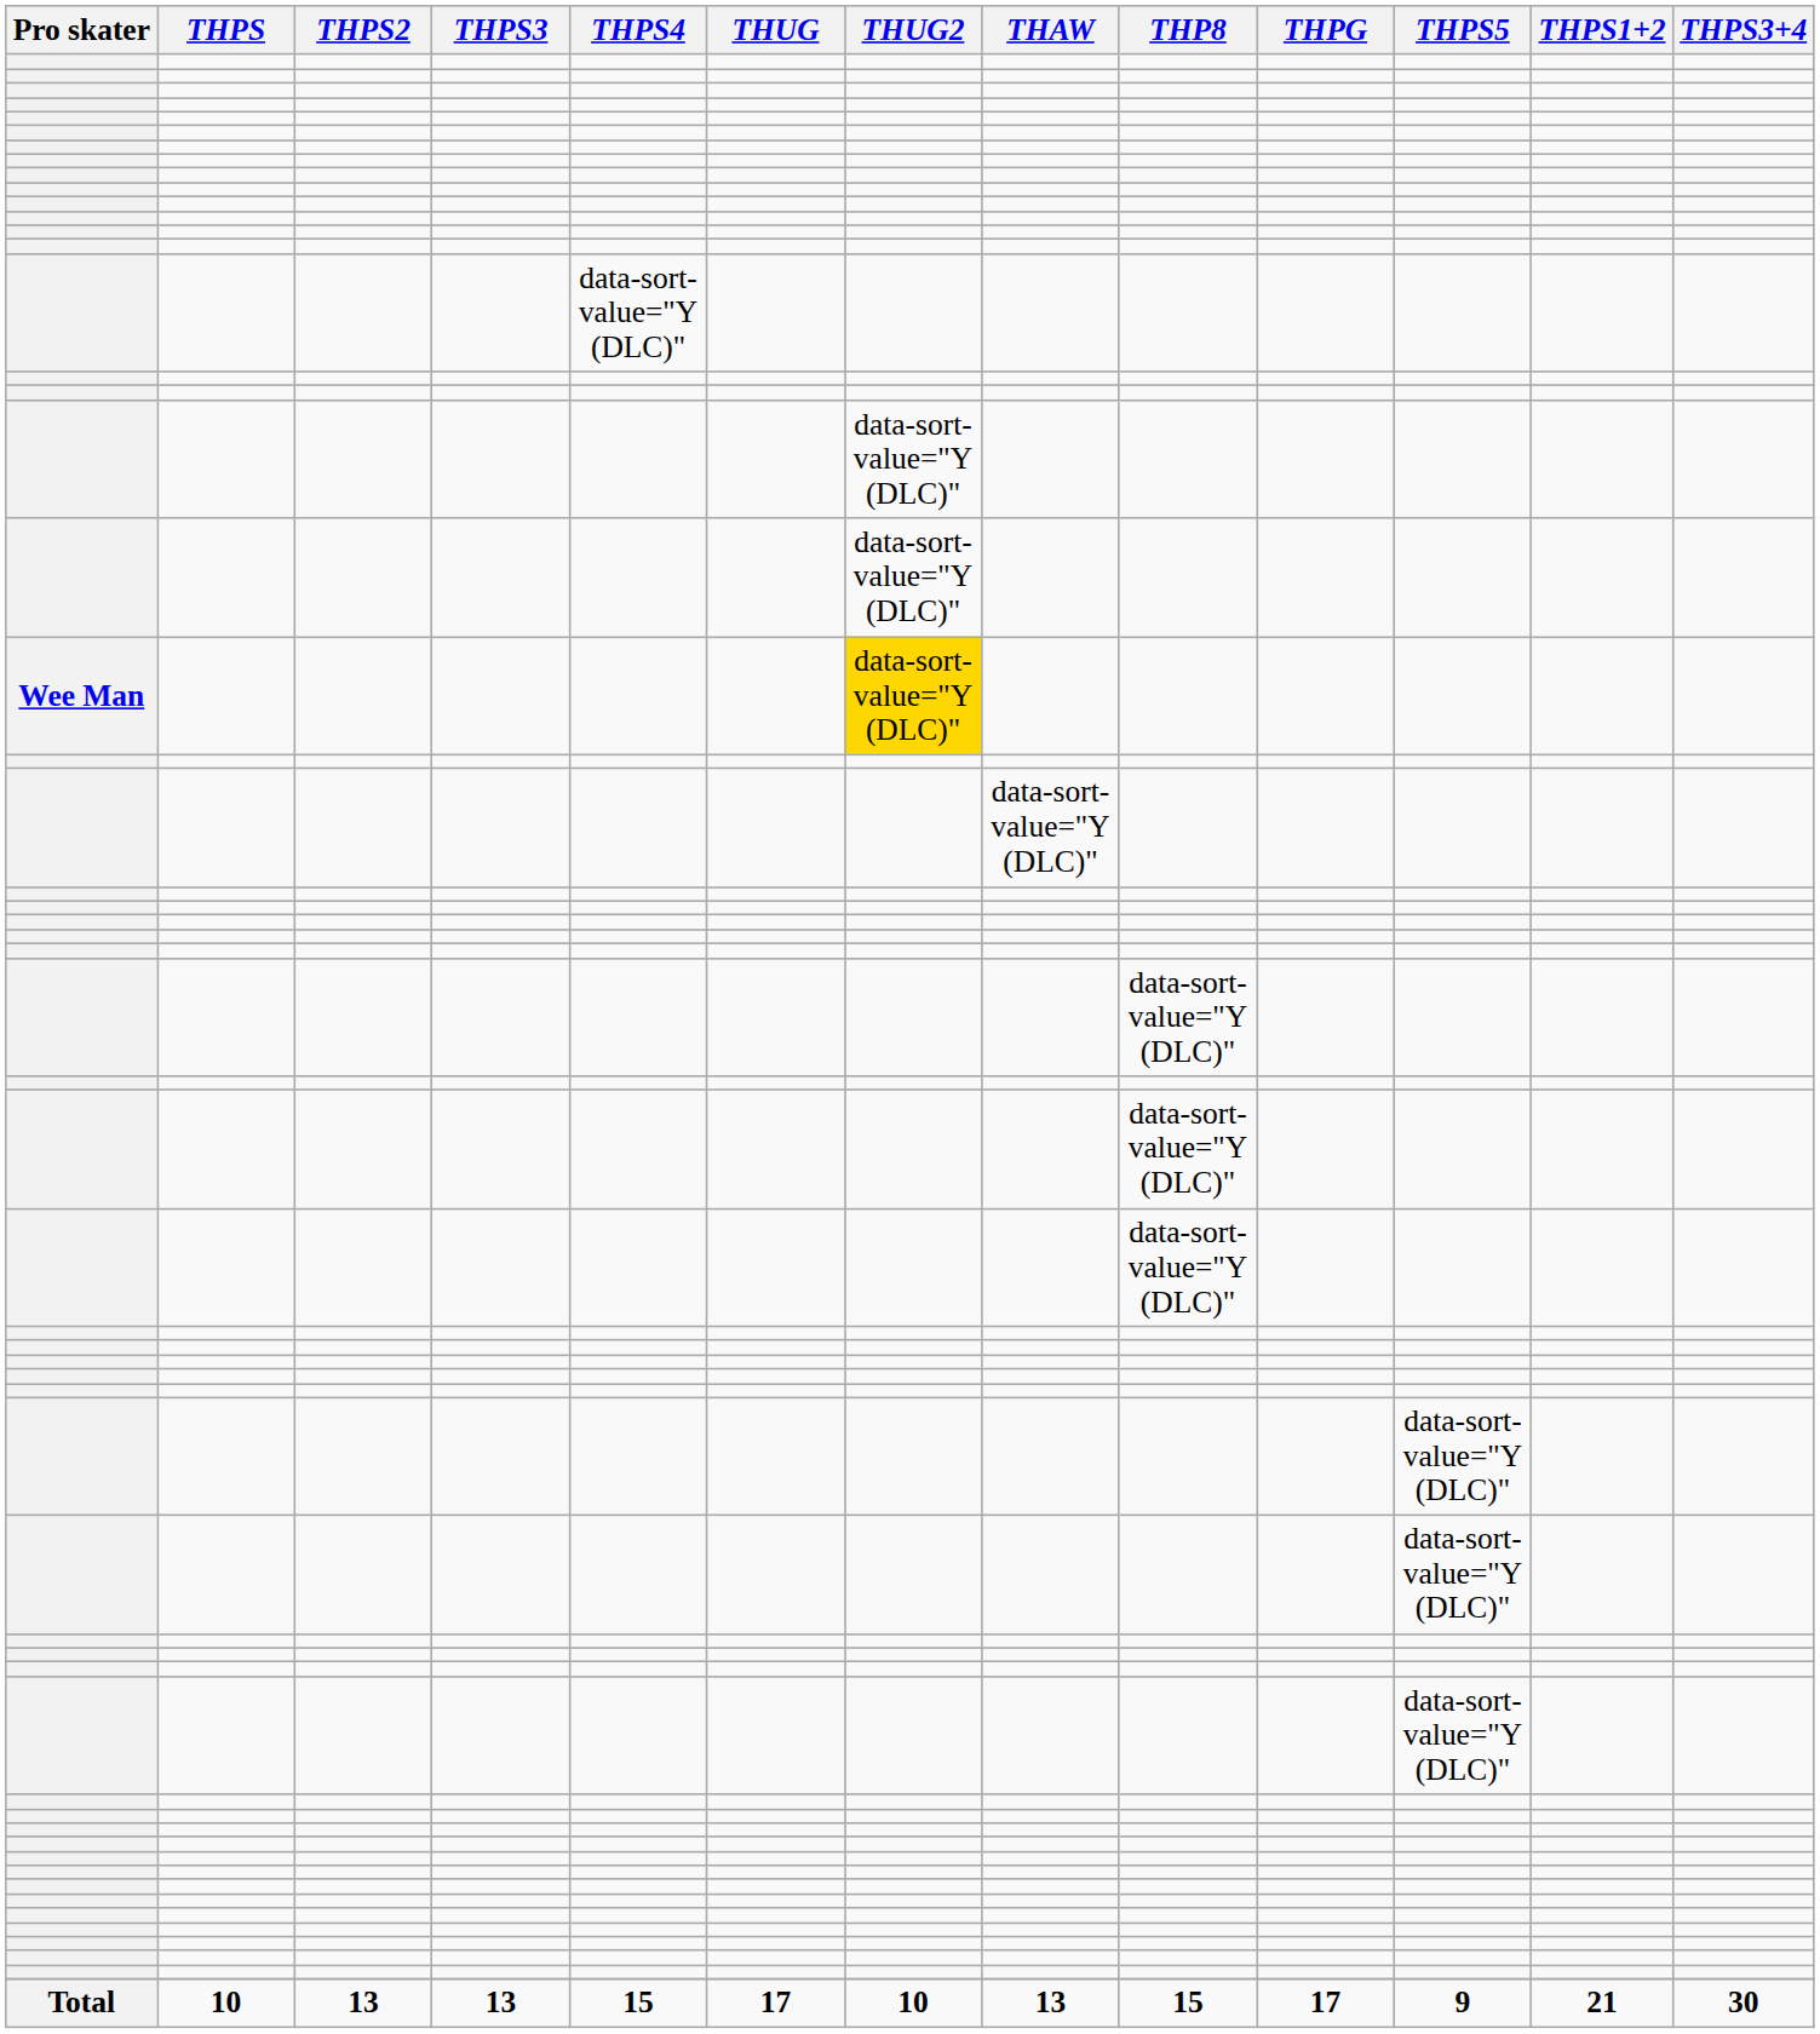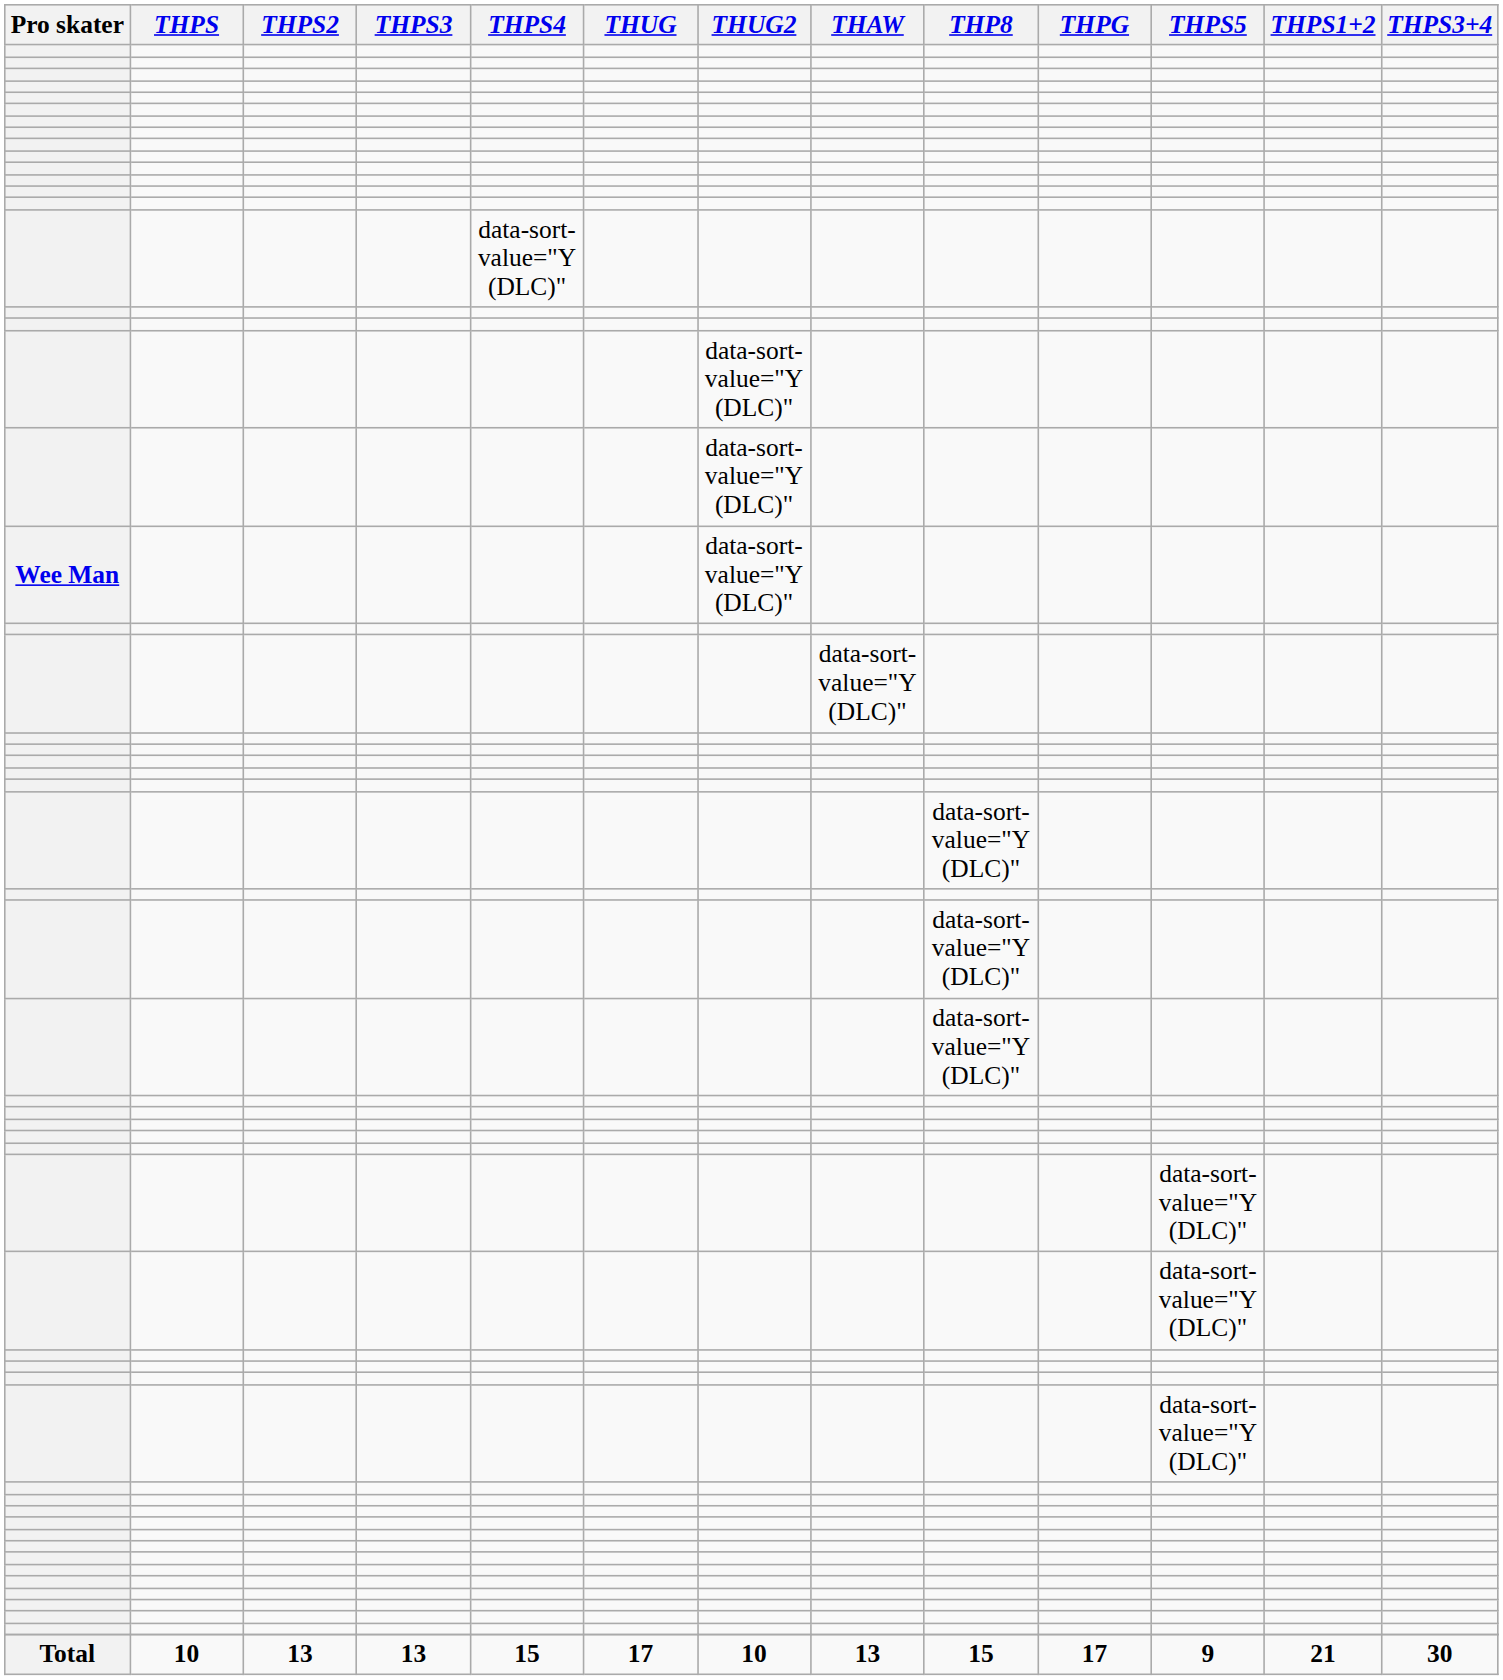 <table class="wikitable plainrowheaders sortable">
 <tr>
 <th scope="col">Pro skater</th>
 <th scope="col" style="width: 4em;"><em><a href='#'>THPS</a></em></th>
 <th scope="col" style="width: 4em;"><em><a href='#'>THPS2</a></em></th>
 <th scope="col" style="width: 4em;"><em><a href='#'>THPS3</a></em></th>
 <th scope="col" style="width: 4em;"><em><a href='#'>THPS4</a></em></th>
 <th scope="col" style="width: 4em;"><em><a href='#'>THUG</a></em></th>
 <th scope="col" style="width: 4em;"><em><a href='#'>THUG2</a></em></th>
 <th scope="col" style="width: 4em;"><em><a href='#'>THAW</a></em></th>
 <th scope="col" style="width: 4em;"><em><a href='#'>THP8</a></em></th>
 <th scope="col" style="width: 4em;"><em><a href='#'>THPG</a></em></th>
 <th scope="col" style="width: 4em;"><em><a href='#'>THPS5</a></em></th>
 <th scope="col" style="width: 4em;"><em><a href='#'>THPS1+2</a></em></th>
 <th scope="col" style="width: 4em;"><em><a href='#'>THPS3+4</a></em></th>
 </tr>
 <tr style="text-align:center;">
 <th scope="row"></th>
 <td></td>
 <td></td>
 <td></td>
 <td></td>
 <td></td>
 <td></td>
 <td></td>
 <td></td>
 <td></td>
 <td></td>
 <td></td>
 <td></td>
 </tr>
 <tr style="text-align:center;">
 <th scope="row"></th>
 <td></td>
 <td></td>
 <td></td>
 <td></td>
 <td></td>
 <td></td>
 <td></td>
 <td></td>
 <td></td>
 <td></td>
 <td></td>
 <td></td>
 </tr>
 <tr style="text-align:center;">
 <th scope="row"></th>
 <td></td>
 <td></td>
 <td></td>
 <td></td>
 <td></td>
 <td></td>
 <td></td>
 <td></td>
 <td></td>
 <td></td>
 <td></td>
 <td></td>
 </tr>
 <tr style="text-align:center;">
 <th scope="row"></th>
 <td></td>
 <td></td>
 <td></td>
 <td></td>
 <td></td>
 <td></td>
 <td></td>
 <td></td>
 <td></td>
 <td></td>
 <td></td>
 <td></td>
 </tr>
 <tr style="text-align:center;">
 <th scope="row"></th>
 <td></td>
 <td></td>
 <td></td>
 <td></td>
 <td></td>
 <td></td>
 <td></td>
 <td></td>
 <td></td>
 <td></td>
 <td></td>
 <td></td>
 </tr>
 <tr style="text-align:center;">
 <th scope="row"></th>
 <td></td>
 <td></td>
 <td></td>
 <td></td>
 <td></td>
 <td></td>
 <td></td>
 <td></td>
 <td></td>
 <td></td>
 <td></td>
 <td></td>
 </tr>
 <tr style="text-align:center;">
 <th scope="row"></th>
 <td></td>
 <td></td>
 <td></td>
 <td></td>
 <td></td>
 <td></td>
 <td></td>
 <td></td>
 <td></td>
 <td></td>
 <td></td>
 <td></td>
 </tr>
 <tr style="text-align:center;">
 <th scope="row"></th>
 <td></td>
 <td></td>
 <td></td>
 <td></td>
 <td></td>
 <td></td>
 <td></td>
 <td></td>
 <td></td>
 <td></td>
 <td></td>
 <td></td>
 </tr>
 <tr style="text-align:center;">
 <th scope="row"></th>
 <td></td>
 <td></td>
 <td></td>
 <td></td>
 <td></td>
 <td></td>
 <td></td>
 <td></td>
 <td></td>
 <td></td>
 <td></td>
 <td></td>
 </tr>
 <tr style="text-align:center;">
 <th scope="row"></th>
 <td></td>
 <td></td>
 <td></td>
 <td></td>
 <td></td>
 <td></td>
 <td></td>
 <td></td>
 <td></td>
 <td></td>
 <td></td>
 <td></td>
 </tr>
 <tr style="text-align:center;">
 <th scope="row"></th>
 <td></td>
 <td></td>
 <td></td>
 <td></td>
 <td></td>
 <td></td>
 <td></td>
 <td></td>
 <td></td>
 <td></td>
 <td></td>
 <td></td>
 </tr>
 <tr style="text-align:center;">
 <th scope="row"></th>
 <td></td>
 <td></td>
 <td></td>
 <td></td>
 <td></td>
 <td></td>
 <td></td>
 <td></td>
 <td></td>
 <td></td>
 <td></td>
 <td></td>
 </tr>
 <tr style="text-align:center;">
 <th scope="row"></th>
 <td></td>
 <td></td>
 <td></td>
 <td></td>
 <td></td>
 <td></td>
 <td></td>
 <td></td>
 <td></td>
 <td></td>
 <td></td>
 <td></td>
 </tr>
 <tr style="text-align:center;">
 <th scope="row"></th>
 <td></td>
 <td></td>
 <td></td>
 <td></td>
 <td></td>
 <td></td>
 <td></td>
 <td></td>
 <td></td>
 <td></td>
 <td></td>
 <td></td>
 </tr>
 <tr style="text-align:center;">
 <th scope="row"></th>
 <td></td>
 <td></td>
 <td></td>
 <td>data-sort-value="Y (DLC)" </td>
 <td></td>
 <td></td>
 <td></td>
 <td></td>
 <td></td>
 <td></td>
 <td></td>
 <td></td>
 </tr>
 <tr style="text-align:center;">
 <th scope="row"></th>
 <td></td>
 <td></td>
 <td></td>
 <td></td>
 <td></td>
 <td></td>
 <td></td>
 <td></td>
 <td></td>
 <td></td>
 <td></td>
 <td></td>
 </tr>
 <tr style="text-align:center;">
 <th scope="row"></th>
 <td></td>
 <td></td>
 <td></td>
 <td></td>
 <td></td>
 <td></td>
 <td></td>
 <td></td>
 <td></td>
 <td></td>
 <td></td>
 <td></td>
 </tr>
 <tr style="text-align:center;">
 <th scope="row"></th>
 <td></td>
 <td></td>
 <td></td>
 <td></td>
 <td></td>
 <td>data-sort-value="Y (DLC)" </td>
 <td></td>
 <td></td>
 <td></td>
 <td></td>
 <td></td>
 <td></td>
 </tr>
 <tr style="text-align:center;">
 <th scope="row"></th>
 <td></td>
 <td></td>
 <td></td>
 <td></td>
 <td></td>
 <td>data-sort-value="Y (DLC)" </td>
 <td></td>
 <td></td>
 <td></td>
 <td></td>
 <td></td>
 <td></td>
 </tr>
 <tr style="text-align:center;">
 <th scope="row"><a href='#'>Wee Man</a></th>
 <td></td>
 <td></td>
 <td></td>
 <td></td>
 <td></td>
-<td style="background: gold;">data-sort-value="Y (DLC)" </td>
+<td>data-sort-value="Y (DLC)" </td>
 <td></td>
 <td></td>
 <td></td>
 <td></td>
 <td></td>
 <td></td>
 </tr>
 <tr style="text-align:center;">
 <th scope="row"></th>
 <td></td>
 <td></td>
 <td></td>
 <td></td>
 <td></td>
 <td></td>
 <td></td>
 <td></td>
 <td></td>
 <td></td>
 <td></td>
 <td></td>
 </tr>
 <tr style="text-align:center;">
 <th scope="row"></th>
 <td></td>
 <td></td>
 <td></td>
 <td></td>
 <td></td>
 <td></td>
 <td>data-sort-value="Y (DLC)" </td>
 <td></td>
 <td></td>
 <td></td>
 <td></td>
 <td></td>
 </tr>
 <tr style="text-align:center;">
 <th scope="row"></th>
 <td></td>
 <td></td>
 <td></td>
 <td></td>
 <td></td>
 <td></td>
 <td></td>
 <td></td>
 <td></td>
 <td></td>
 <td></td>
 <td></td>
 </tr>
 <tr style="text-align:center;">
 <th scope="row"></th>
 <td></td>
 <td></td>
 <td></td>
 <td></td>
 <td></td>
 <td></td>
 <td></td>
 <td></td>
 <td></td>
 <td></td>
 <td></td>
 <td></td>
 </tr>
 <tr style="text-align:center;">
 <th scope="row"></th>
 <td></td>
 <td></td>
 <td></td>
 <td></td>
 <td></td>
 <td></td>
 <td></td>
 <td></td>
 <td></td>
 <td></td>
 <td></td>
 <td></td>
 </tr>
 <tr style="text-align:center;">
 <th scope="row"></th>
 <td></td>
 <td></td>
 <td></td>
 <td></td>
 <td></td>
 <td></td>
 <td></td>
 <td></td>
 <td></td>
 <td></td>
 <td></td>
 <td></td>
 </tr>
 <tr style="text-align:center;">
 <th scope="row"></th>
 <td></td>
 <td></td>
 <td></td>
 <td></td>
 <td></td>
 <td></td>
 <td></td>
 <td></td>
 <td></td>
 <td></td>
 <td></td>
 <td></td>
 </tr>
 <tr style="text-align:center;">
 <th scope="row"></th>
 <td></td>
 <td></td>
 <td></td>
 <td></td>
 <td></td>
 <td></td>
 <td></td>
 <td>data-sort-value="Y (DLC)" </td>
 <td></td>
 <td></td>
 <td></td>
 <td></td>
 </tr>
 <tr style="text-align:center;">
 <th scope="row"></th>
 <td></td>
 <td></td>
 <td></td>
 <td></td>
 <td></td>
 <td></td>
 <td></td>
 <td></td>
 <td></td>
 <td></td>
 <td></td>
 <td></td>
 </tr>
 <tr style="text-align:center;">
 <th scope="row"></th>
 <td></td>
 <td></td>
 <td></td>
 <td></td>
 <td></td>
 <td></td>
 <td></td>
 <td>data-sort-value="Y (DLC)" </td>
 <td></td>
 <td></td>
 <td></td>
 <td></td>
 </tr>
 <tr style="text-align:center;">
 <th scope="row"></th>
 <td></td>
 <td></td>
 <td></td>
 <td></td>
 <td></td>
 <td></td>
 <td></td>
 <td>data-sort-value="Y (DLC)" </td>
 <td></td>
 <td></td>
 <td></td>
 <td></td>
 </tr>
 <tr style="text-align:center;">
 <th scope="row"></th>
 <td></td>
 <td></td>
 <td></td>
 <td></td>
 <td></td>
 <td></td>
 <td></td>
 <td></td>
 <td></td>
 <td></td>
 <td></td>
 <td></td>
 </tr>
 <tr style="text-align:center;">
 <th scope="row"></th>
 <td></td>
 <td></td>
 <td></td>
 <td></td>
 <td></td>
 <td></td>
 <td></td>
 <td></td>
 <td></td>
 <td></td>
 <td></td>
 <td></td>
 </tr>
 <tr style="text-align:center;">
 <th scope="row"></th>
 <td></td>
 <td></td>
 <td></td>
 <td></td>
 <td></td>
 <td></td>
 <td></td>
 <td></td>
 <td></td>
 <td></td>
 <td></td>
 <td></td>
 </tr>
 <tr style="text-align:center;">
 <th scope="row"></th>
 <td></td>
 <td></td>
 <td></td>
 <td></td>
 <td></td>
 <td></td>
 <td></td>
 <td></td>
 <td></td>
 <td></td>
 <td></td>
 <td></td>
 </tr>
 <tr style="text-align:center;">
 <th scope="row"></th>
 <td></td>
 <td></td>
 <td></td>
 <td></td>
 <td></td>
 <td></td>
 <td></td>
 <td></td>
 <td></td>
 <td></td>
 <td></td>
 <td></td>
 </tr>
 <tr style="text-align:center;">
 <th scope="row"></th>
 <td></td>
 <td></td>
 <td></td>
 <td></td>
 <td></td>
 <td></td>
 <td></td>
 <td></td>
 <td></td>
 <td>data-sort-value="Y (DLC)" </td>
 <td></td>
 <td></td>
 </tr>
 <tr style="text-align:center;">
 <th scope="row"></th>
 <td></td>
 <td></td>
 <td></td>
 <td></td>
 <td></td>
 <td></td>
 <td></td>
 <td></td>
 <td></td>
 <td>data-sort-value="Y (DLC)" </td>
 <td></td>
 <td></td>
 </tr>
 <tr style="text-align:center;">
 <th scope="row"></th>
 <td></td>
 <td></td>
 <td></td>
 <td></td>
 <td></td>
 <td></td>
 <td></td>
 <td></td>
 <td></td>
 <td></td>
 <td></td>
 <td></td>
 </tr>
 <tr style="text-align:center;">
 <th scope="row"></th>
 <td></td>
 <td></td>
 <td></td>
 <td></td>
 <td></td>
 <td></td>
 <td></td>
 <td></td>
 <td></td>
 <td></td>
 <td></td>
 <td></td>
 </tr>
 <tr style="text-align:center;">
 <th scope="row"></th>
 <td></td>
 <td></td>
 <td></td>
 <td></td>
 <td></td>
 <td></td>
 <td></td>
 <td></td>
 <td></td>
 <td></td>
 <td></td>
 <td></td>
 </tr>
 <tr style="text-align:center;">
 <th scope="row"></th>
 <td></td>
 <td></td>
 <td></td>
 <td></td>
 <td></td>
 <td></td>
 <td></td>
 <td></td>
 <td></td>
 <td>data-sort-value="Y (DLC)" </td>
 <td></td>
 <td></td>
 </tr>
 <tr style="text-align:center;">
 <th scope="row"></th>
 <td></td>
 <td></td>
 <td></td>
 <td></td>
 <td></td>
 <td></td>
 <td></td>
 <td></td>
 <td></td>
 <td></td>
 <td></td>
 <td></td>
 </tr>
 <tr style="text-align:center;">
 <th scope="row"></th>
 <td></td>
 <td></td>
 <td></td>
 <td></td>
 <td></td>
 <td></td>
 <td></td>
 <td></td>
 <td></td>
 <td></td>
 <td></td>
 <td></td>
 </tr>
 <tr style="text-align:center;">
 <th scope="row"></th>
 <td></td>
 <td></td>
 <td></td>
 <td></td>
 <td></td>
 <td></td>
 <td></td>
 <td></td>
 <td></td>
 <td></td>
 <td></td>
 <td></td>
 </tr>
 <tr style="text-align:center;">
 <th scope="row"></th>
 <td></td>
 <td></td>
 <td></td>
 <td></td>
 <td></td>
 <td></td>
 <td></td>
 <td></td>
 <td></td>
 <td></td>
 <td></td>
 <td></td>
 </tr>
 <tr style="text-align:center;">
 <th scope="row"></th>
 <td></td>
 <td></td>
 <td></td>
 <td></td>
 <td></td>
 <td></td>
 <td></td>
 <td></td>
 <td></td>
 <td></td>
 <td></td>
 <td></td>
 </tr>
 <tr style="text-align:center;">
 <th scope="row"></th>
 <td></td>
 <td></td>
 <td></td>
 <td></td>
 <td></td>
 <td></td>
 <td></td>
 <td></td>
 <td></td>
 <td></td>
 <td></td>
 <td></td>
 </tr>
 <tr style="text-align:center;">
 <th scope="row"></th>
 <td></td>
 <td></td>
 <td></td>
 <td></td>
 <td></td>
 <td></td>
 <td></td>
 <td></td>
 <td></td>
 <td></td>
 <td></td>
 <td></td>
 </tr>
 <tr style="text-align:center;">
 <th scope="row"></th>
 <td></td>
 <td></td>
 <td></td>
 <td></td>
 <td></td>
 <td></td>
 <td></td>
 <td></td>
 <td></td>
 <td></td>
 <td></td>
 <td></td>
 </tr>
 <tr style="text-align:center;">
 <th scope="row"></th>
 <td></td>
 <td></td>
 <td></td>
 <td></td>
 <td></td>
 <td></td>
 <td></td>
 <td></td>
 <td></td>
 <td></td>
 <td></td>
 <td></td>
 </tr>
 <tr style="text-align:center;">
 <th scope="row"></th>
 <td></td>
 <td></td>
 <td></td>
 <td></td>
 <td></td>
 <td></td>
 <td></td>
 <td></td>
 <td></td>
 <td></td>
 <td></td>
 <td></td>
 </tr>
 <tr style="text-align:center;">
 <th scope="row"></th>
 <td></td>
 <td></td>
 <td></td>
 <td></td>
 <td></td>
 <td></td>
 <td></td>
 <td></td>
 <td></td>
 <td></td>
 <td></td>
 <td></td>
 </tr>
 <tr style="text-align:center;">
 <th scope="row"></th>
 <td></td>
 <td></td>
 <td></td>
 <td></td>
 <td></td>
 <td></td>
 <td></td>
 <td></td>
 <td></td>
 <td></td>
 <td></td>
 <td></td>
 </tr>
 <tr style="text-align:center;">
 <th scope="row"></th>
 <td></td>
 <td></td>
 <td></td>
 <td></td>
 <td></td>
 <td></td>
 <td></td>
 <td></td>
 <td></td>
 <td></td>
 <td></td>
 <td></td>
 </tr>
 <tr style="text-align:center;">
 </tr>
 <tr class="sortbottom" style="text-align: center">
 <th style="text-align: center">Total</th>
 <td><strong>10</strong></td>
 <td><strong>13</strong></td>
 <td><strong>13</strong></td>
 <td><strong>15</strong></td>
 <td><strong>17</strong></td>
 <td><strong>10</strong></td>
 <td><strong>13</strong></td>
 <td><strong>15</strong></td>
 <td><strong>17</strong></td>
 <td><strong>9</strong></td>
 <td><strong>21</strong></td>
 <td><strong>30</strong></td>
 </tr>
 </table>
